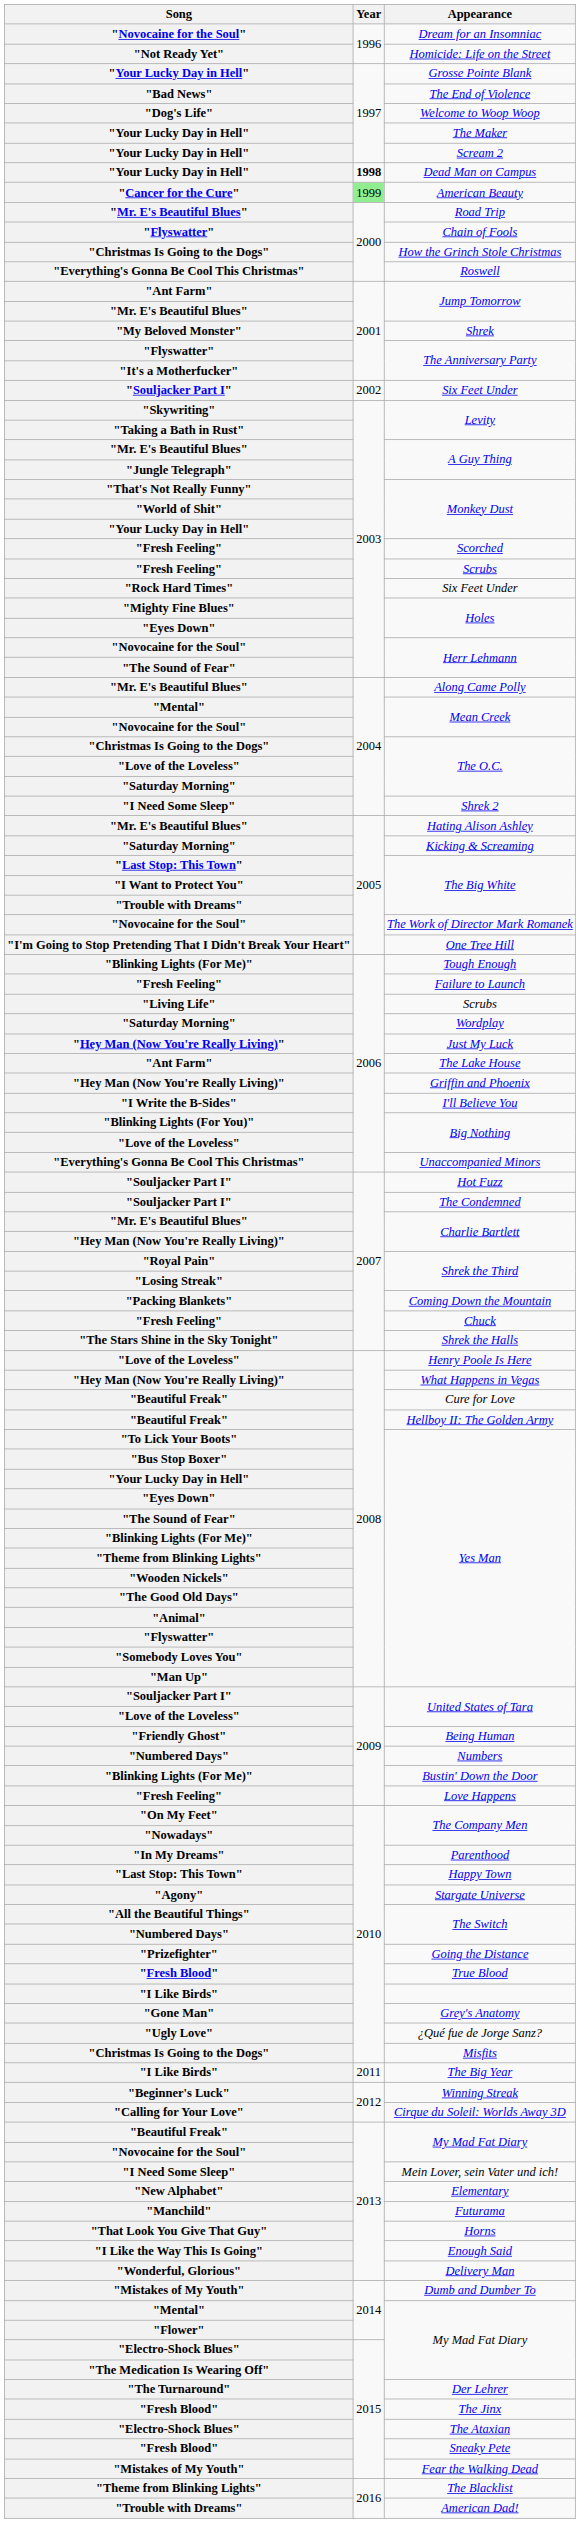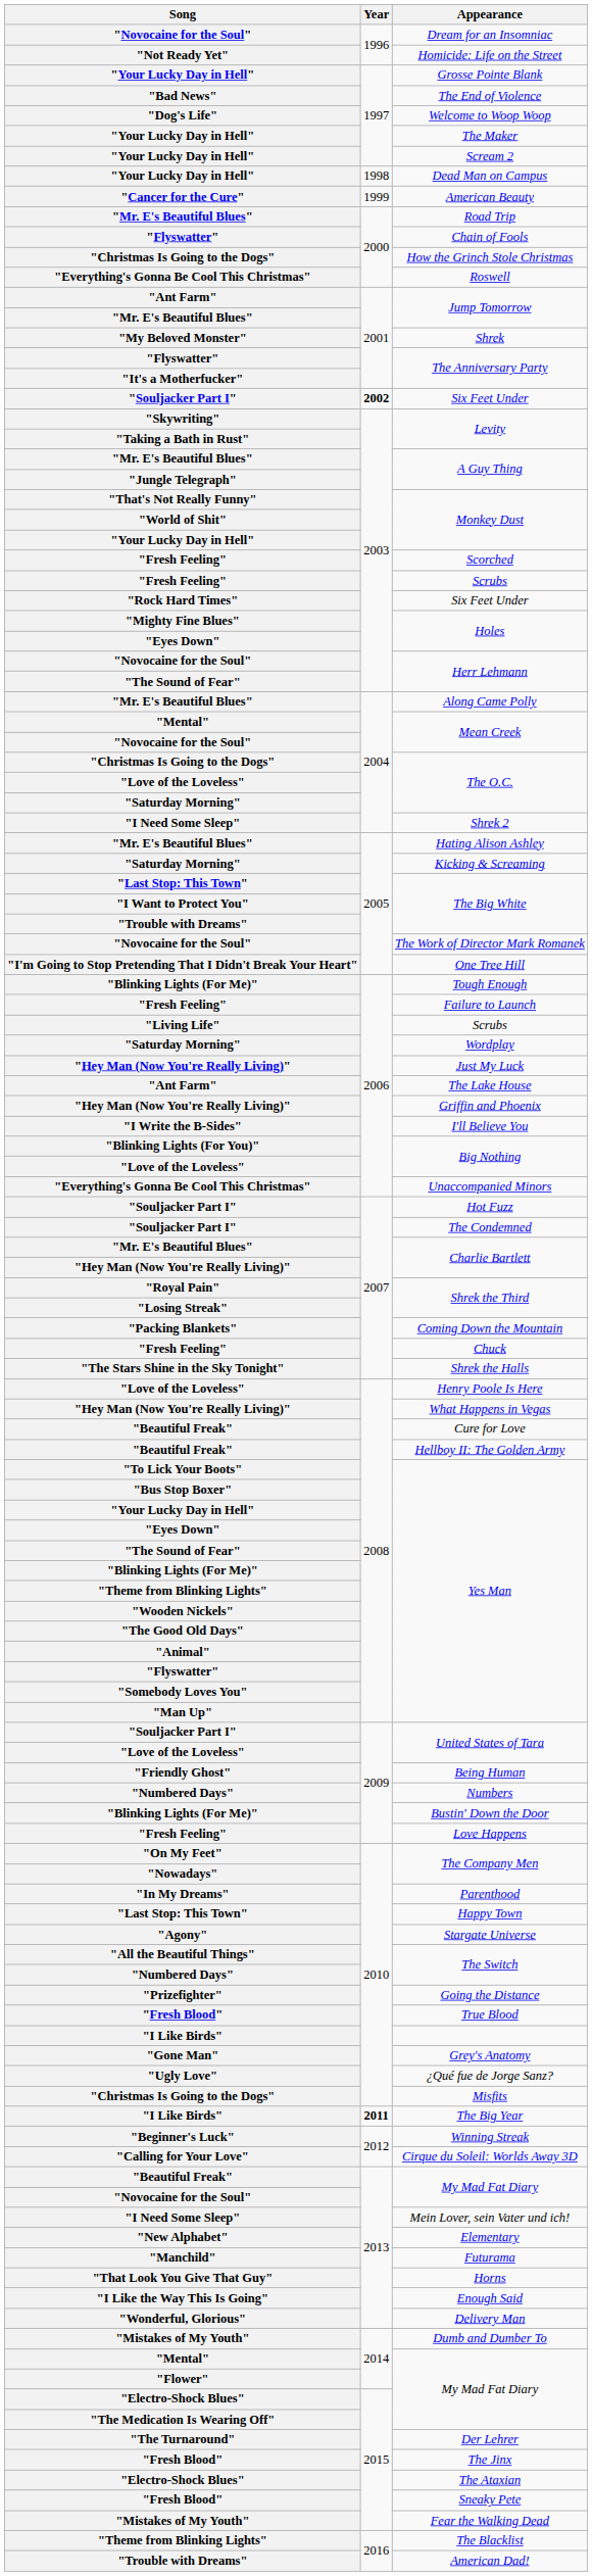 <table class="wikitable sortable plainrowheaders" style="text-align:center">
 <tr>
 <th scope="col">Song</th>
 <th scope="col">Year</th>
 <th scope="col">Appearance</th>
 </tr>
 <tr>
 <th scope="row">"<a href='#'>Novocaine for the Soul</a>"</th>
 <td rowspan="2">1996</td>
 <td><em><a href='#'>Dream for an Insomniac</a></em></td>
 </tr>
 <tr>
 <th scope="row">"Not Ready Yet"</th>
 <td><em><a href='#'>Homicide: Life on the Street</a></em></td>
 </tr>
 <tr>
 <th scope="row">"<a href='#'>Your Lucky Day in Hell</a>"</th>
 <td rowspan="5">1997</td>
 <td><em><a href='#'>Grosse Pointe Blank</a></em></td>
 </tr>
 <tr>
 <th scope="row">"Bad News"</th>
 <td><em><a href='#'>The End of Violence</a></em></td>
 </tr>
 <tr>
 <th scope="row">"Dog's Life"</th>
 <td><em><a href='#'>Welcome to Woop Woop</a></em></td>
 </tr>
 <tr>
 <th scope="row">"Your Lucky Day in Hell"</th>
 <td><em><a href='#'>The Maker</a></em></td>
 </tr>
 <tr>
 <th scope="row">"Your Lucky Day in Hell"</th>
 <td><em><a href='#'>Scream 2</a></em></td>
 </tr>
 <tr>
 <th scope="row">"Your Lucky Day in Hell"</th>
-<td><strong>1998</strong></td>
+<td>1998</td>
 <td><em><a href='#'>Dead Man on Campus</a></em></td>
 </tr>
 <tr>
 <th scope="row">"<a href='#'>Cancer for the Cure</a>"</th>
-<td style="background: lightgreen;">1999</td>
+<td>1999</td>
 <td><em><a href='#'>American Beauty</a></em></td>
 </tr>
 <tr>
 <th scope="row">"<a href='#'>Mr. E's Beautiful Blues</a>"</th>
 <td rowspan="4">2000</td>
 <td><em><a href='#'>Road Trip</a></em></td>
 </tr>
 <tr>
 <th scope="row">"<a href='#'>Flyswatter</a>"</th>
 <td><em><a href='#'>Chain of Fools</a></em></td>
 </tr>
 <tr>
 <th scope="row">"Christmas Is Going to the Dogs"</th>
 <td><em><a href='#'>How the Grinch Stole Christmas</a></em></td>
 </tr>
 <tr>
 <th scope="row">"Everything's Gonna Be Cool This Christmas"</th>
 <td><em><a href='#'>Roswell</a></em></td>
 </tr>
 <tr>
 <th scope="row">"Ant Farm"</th>
 <td rowspan="5">2001</td>
 <td rowspan="2"><em><a href='#'>Jump Tomorrow</a></em></td>
 </tr>
 <tr>
 <th scope="row">"Mr. E's Beautiful Blues"</th>
 </tr>
 <tr>
 <th scope="row">"My Beloved Monster"</th>
 <td><em><a href='#'>Shrek</a></em></td>
 </tr>
 <tr>
 <th scope="row">"Flyswatter"</th>
 <td rowspan="2"><em><a href='#'>The Anniversary Party</a></em></td>
 </tr>
 <tr>
 <th scope="row">"It's a Motherfucker"</th>
 </tr>
 <tr>
 <th scope="row">"<a href='#'>Souljacker Part I</a>"</th>
-<td>2002</td>
+<td><strong>2002</strong></td>
 <td><em><a href='#'>Six Feet Under</a></em></td>
 </tr>
 <tr>
 <th scope="row">"Skywriting"</th>
 <td rowspan="14">2003</td>
 <td rowspan="2"><em><a href='#'>Levity</a></em></td>
 </tr>
 <tr>
 <th scope="row">"Taking a Bath in Rust"</th>
 </tr>
 <tr>
 <th scope="row">"Mr. E's Beautiful Blues"</th>
 <td rowspan="2"><em><a href='#'>A Guy Thing</a></em></td>
 </tr>
 <tr>
 <th scope="row">"Jungle Telegraph"</th>
 </tr>
 <tr>
 <th scope="row">"That's Not Really Funny"</th>
 <td rowspan="3"><em><a href='#'>Monkey Dust</a></em></td>
 </tr>
 <tr>
 <th scope="row">"World of Shit"</th>
 </tr>
 <tr>
 <th scope="row">"Your Lucky Day in Hell"</th>
 </tr>
 <tr>
 <th scope="row">"Fresh Feeling"</th>
 <td><em><a href='#'>Scorched</a></em></td>
 </tr>
 <tr>
 <th scope="row">"Fresh Feeling"</th>
 <td><em><a href='#'>Scrubs</a></em></td>
 </tr>
 <tr>
 <th scope="row">"Rock Hard Times"</th>
 <td><em>Six Feet Under</em></td>
 </tr>
 <tr>
 <th scope="row">"Mighty Fine Blues"</th>
 <td rowspan="2"><em><a href='#'>Holes</a></em></td>
 </tr>
 <tr>
 <th scope="row">"Eyes Down"</th>
 </tr>
 <tr>
 <th scope="row">"Novocaine for the Soul"</th>
 <td rowspan="2"><em><a href='#'>Herr Lehmann</a></em></td>
 </tr>
 <tr>
 <th scope="row">"The Sound of Fear"</th>
 </tr>
 <tr>
 <th scope="row">"Mr. E's Beautiful Blues"</th>
 <td rowspan="7">2004</td>
 <td><em><a href='#'>Along Came Polly</a></em></td>
 </tr>
 <tr>
 <th scope="row">"Mental"</th>
 <td rowspan="2"><em><a href='#'>Mean Creek</a></em></td>
 </tr>
 <tr>
 <th scope="row">"Novocaine for the Soul"</th>
 </tr>
 <tr>
 <th scope="row">"Christmas Is Going to the Dogs"</th>
 <td rowspan="3"><em><a href='#'>The O.C.</a></em></td>
 </tr>
 <tr>
 <th scope="row">"Love of the Loveless"</th>
 </tr>
 <tr>
 <th scope="row">"Saturday Morning"</th>
 </tr>
 <tr>
 <th scope="row">"I Need Some Sleep"</th>
 <td><em><a href='#'>Shrek 2</a></em></td>
 </tr>
 <tr>
 <th scope="row">"Mr. E's Beautiful Blues"</th>
 <td rowspan="7">2005</td>
 <td><em><a href='#'>Hating Alison Ashley</a></em></td>
 </tr>
 <tr>
 <th scope="row">"Saturday Morning"</th>
 <td><em><a href='#'>Kicking & Screaming</a></em></td>
 </tr>
 <tr>
 <th scope="row">"<a href='#'>Last Stop: This Town</a>"</th>
 <td rowspan="3"><em><a href='#'>The Big White</a></em></td>
 </tr>
 <tr>
 <th scope="row">"I Want to Protect You"</th>
 </tr>
 <tr>
 <th scope="row">"Trouble with Dreams"</th>
 </tr>
 <tr>
 <th scope="row">"Novocaine for the Soul"</th>
 <td><em><a href='#'>The Work of Director Mark Romanek</a></em></td>
 </tr>
 <tr>
 <th scope="row">"I'm Going to Stop Pretending That I Didn't Break Your Heart"</th>
 <td><em><a href='#'>One Tree Hill</a></em></td>
 </tr>
 <tr>
 <th scope="row">"Blinking Lights (For Me)"</th>
 <td rowspan="11">2006</td>
 <td><em><a href='#'>Tough Enough</a></em></td>
 </tr>
 <tr>
 <th scope="row">"Fresh Feeling"</th>
 <td><em><a href='#'>Failure to Launch</a></em></td>
 </tr>
 <tr>
 <th scope="row">"Living Life"</th>
 <td><em>Scrubs</em></td>
 </tr>
 <tr>
 <th scope="row">"Saturday Morning"</th>
 <td><em><a href='#'>Wordplay</a></em></td>
 </tr>
 <tr>
 <th scope="row">"<a href='#'>Hey Man (Now You're Really Living)</a>"</th>
 <td><em><a href='#'>Just My Luck</a></em></td>
 </tr>
 <tr>
 <th scope="row">"Ant Farm"</th>
 <td><em><a href='#'>The Lake House</a></em></td>
 </tr>
 <tr>
 <th scope="row">"Hey Man (Now You're Really Living)"</th>
 <td><em><a href='#'>Griffin and Phoenix</a></em></td>
 </tr>
 <tr>
 <th scope="row">"I Write the B-Sides"</th>
 <td><em><a href='#'>I'll Believe You</a></em></td>
 </tr>
 <tr>
 <th scope="row">"Blinking Lights (For You)"</th>
 <td rowspan="2"><em><a href='#'>Big Nothing</a></em></td>
 </tr>
 <tr>
 <th scope="row">"Love of the Loveless"</th>
 </tr>
 <tr>
 <th scope="row">"Everything's Gonna Be Cool This Christmas"</th>
 <td><em><a href='#'>Unaccompanied Minors</a></em></td>
 </tr>
 <tr>
 <th scope="row">"Souljacker Part I"</th>
 <td rowspan="9">2007</td>
 <td><em><a href='#'>Hot Fuzz</a></em></td>
 </tr>
 <tr>
 <th scope="row">"Souljacker Part I"</th>
 <td><em><a href='#'>The Condemned</a></em></td>
 </tr>
 <tr>
 <th scope="row">"Mr. E's Beautiful Blues"</th>
 <td rowspan="2"><em><a href='#'>Charlie Bartlett</a></em></td>
 </tr>
 <tr>
 <th scope="row">"Hey Man (Now You're Really Living)"</th>
 </tr>
 <tr>
 <th scope="row">"Royal Pain"</th>
 <td rowspan="2"><em><a href='#'>Shrek the Third</a></em></td>
 </tr>
 <tr>
 <th scope="row">"Losing Streak"</th>
 </tr>
 <tr>
 <th scope="row">"Packing Blankets"</th>
 <td><em><a href='#'>Coming Down the Mountain</a></em></td>
 </tr>
 <tr>
 <th scope="row">"Fresh Feeling"</th>
 <td><em><a href='#'>Chuck</a></em></td>
 </tr>
 <tr>
 <th scope="row">"The Stars Shine in the Sky Tonight"</th>
 <td><em><a href='#'>Shrek the Halls</a></em></td>
 </tr>
 <tr>
 <th scope="row">"Love of the Loveless"</th>
 <td rowspan="17">2008</td>
 <td><em><a href='#'>Henry Poole Is Here</a></em></td>
 </tr>
 <tr>
 <th scope="row">"Hey Man (Now You're Really Living)"</th>
 <td><em><a href='#'>What Happens in Vegas</a></em></td>
 </tr>
 <tr>
 <th scope="row">"Beautiful Freak"</th>
 <td><em>Cure for Love</em></td>
 </tr>
 <tr>
 <th scope="row">"Beautiful Freak"</th>
 <td><em><a href='#'>Hellboy II: The Golden Army</a></em></td>
 </tr>
 <tr>
 <th scope="row">"To Lick Your Boots"</th>
 <td rowspan="13"><em><a href='#'>Yes Man</a></em></td>
 </tr>
 <tr>
 <th scope="row">"Bus Stop Boxer"</th>
 </tr>
 <tr>
 <th scope="row">"Your Lucky Day in Hell"</th>
 </tr>
 <tr>
 <th scope="row">"Eyes Down"</th>
 </tr>
 <tr>
 <th scope="row">"The Sound of Fear"</th>
 </tr>
 <tr>
 <th scope="row">"Blinking Lights (For Me)"</th>
 </tr>
 <tr>
 <th scope="row">"Theme from Blinking Lights"</th>
 </tr>
 <tr>
 <th scope="row">"Wooden Nickels"</th>
 </tr>
 <tr>
 <th scope="row">"The Good Old Days"</th>
 </tr>
 <tr>
 <th scope="row">"Animal"</th>
 </tr>
 <tr>
 <th scope="row">"Flyswatter"</th>
 </tr>
 <tr>
 <th scope="row">"Somebody Loves You"</th>
 </tr>
 <tr>
 <th scope="row">"Man Up"</th>
 </tr>
 <tr>
 <th scope="row">"Souljacker Part I"</th>
 <td rowspan="6">2009</td>
 <td rowspan="2"><em><a href='#'>United States of Tara</a></em></td>
 </tr>
 <tr>
 <th scope="row">"Love of the Loveless"</th>
 </tr>
 <tr>
 <th scope="row">"Friendly Ghost"</th>
 <td><em><a href='#'>Being Human</a></em></td>
 </tr>
 <tr>
 <th scope="row">"Numbered Days"</th>
 <td><em><a href='#'>Numbers</a></em></td>
 </tr>
 <tr>
 <th scope="row">"Blinking Lights (For Me)"</th>
 <td><em><a href='#'>Bustin' Down the Door</a></em></td>
 </tr>
 <tr>
 <th scope="row">"Fresh Feeling"</th>
 <td><em><a href='#'>Love Happens</a></em></td>
 </tr>
 <tr>
 <th scope="row">"On My Feet"</th>
 <td rowspan="13">2010</td>
 <td rowspan="2"><em><a href='#'>The Company Men</a></em></td>
 </tr>
 <tr>
 <th scope="row">"Nowadays"</th>
 </tr>
 <tr>
 <th scope="row">"In My Dreams"</th>
 <td><em><a href='#'>Parenthood</a></em></td>
 </tr>
 <tr>
 <th scope="row">"Last Stop: This Town"</th>
 <td><em><a href='#'>Happy Town</a></em></td>
 </tr>
 <tr>
 <th scope="row">"Agony"</th>
 <td><em><a href='#'>Stargate Universe</a></em></td>
 </tr>
 <tr>
 <th scope="row">"All the Beautiful Things"</th>
 <td rowspan="2"><em><a href='#'>The Switch</a></em></td>
 </tr>
 <tr>
 <th scope="row">"Numbered Days"</th>
 </tr>
 <tr>
 <th scope="row">"Prizefighter"</th>
 <td><em><a href='#'>Going the Distance</a></em></td>
 </tr>
 <tr>
 <th scope="row">"<a href='#'>Fresh Blood</a>"</th>
 <td><em><a href='#'>True Blood</a></em></td>
 </tr>
 <tr>
 <th scope="row">"I Like Birds"</th>
 <td><em></em></td>
 </tr>
 <tr>
 <th scope="row">"Gone Man"</th>
 <td><em><a href='#'>Grey's Anatomy</a></em></td>
 </tr>
 <tr>
 <th scope="row">"Ugly Love"</th>
 <td><em>¿Qué fue de Jorge Sanz?</em></td>
 </tr>
 <tr>
 <th scope="row">"Christmas Is Going to the Dogs"</th>
 <td><em><a href='#'>Misfits</a></em></td>
 </tr>
 <tr>
 <th scope="row">"I Like Birds"</th>
-<td>2011</td>
+<td><strong>2011</strong></td>
 <td><em><a href='#'>The Big Year</a></em></td>
 </tr>
 <tr>
 <th scope="row">"Beginner's Luck"</th>
 <td rowspan="2">2012</td>
 <td><em><a href='#'>Winning Streak</a></em></td>
 </tr>
 <tr>
 <th scope="row">"Calling for Your Love"</th>
 <td><em><a href='#'>Cirque du Soleil: Worlds Away 3D</a></em></td>
 </tr>
 <tr>
 <th scope="row">"Beautiful Freak"</th>
 <td rowspan="8">2013</td>
 <td rowspan="2"><em><a href='#'>My Mad Fat Diary</a></em></td>
 </tr>
 <tr>
 <th scope="row">"Novocaine for the Soul"</th>
 </tr>
 <tr>
 <th scope="row">"I Need Some Sleep"</th>
 <td><em>Mein Lover, sein Vater und ich!</em></td>
 </tr>
 <tr>
 <th scope="row">"New Alphabet"</th>
 <td><em><a href='#'>Elementary</a></em></td>
 </tr>
 <tr>
 <th scope="row">"Manchild"</th>
 <td><em><a href='#'>Futurama</a></em></td>
 </tr>
 <tr>
 <th scope="row">"That Look You Give That Guy"</th>
 <td><em><a href='#'>Horns</a></em></td>
 </tr>
 <tr>
 <th scope="row">"I Like the Way This Is Going"</th>
 <td><em><a href='#'>Enough Said</a></em></td>
 </tr>
 <tr>
 <th scope="row">"Wonderful, Glorious"</th>
 <td><em><a href='#'>Delivery Man</a></em></td>
 </tr>
 <tr>
 <th scope="row">"Mistakes of My Youth"</th>
 <td rowspan="3">2014</td>
 <td><em><a href='#'>Dumb and Dumber To</a></em></td>
 </tr>
 <tr>
 <th scope="row">"Mental"</th>
 <td rowspan="4"><em>My Mad Fat Diary</em></td>
 </tr>
 <tr>
 <th scope="row">"Flower"</th>
 </tr>
 <tr>
 <th scope="row">"Electro-Shock Blues"</th>
 <td rowspan="7">2015</td>
 </tr>
 <tr>
 <th scope="row">"The Medication Is Wearing Off"</th>
 </tr>
 <tr>
 <th scope="row">"The Turnaround"</th>
 <td><em><a href='#'>Der Lehrer</a></em></td>
 </tr>
 <tr>
 <th scope="row">"Fresh Blood"</th>
 <td><em><a href='#'>The Jinx</a></em></td>
 </tr>
 <tr>
 <th scope="row">"Electro-Shock Blues"</th>
 <td><em><a href='#'>The Ataxian</a></em></td>
 </tr>
 <tr>
 <th scope="row">"Fresh Blood"</th>
 <td><em><a href='#'>Sneaky Pete</a></em></td>
 </tr>
 <tr>
 <th scope="row">"Mistakes of My Youth"</th>
 <td><em><a href='#'>Fear the Walking Dead</a></em></td>
 </tr>
 <tr>
 <th scope="row">"Theme from Blinking Lights"</th>
 <td rowspan="2">2016</td>
 <td><em><a href='#'>The Blacklist</a></em></td>
 </tr>
 <tr>
 <th scope="row">"Trouble with Dreams"</th>
 <td><em><a href='#'>American Dad!</a></em></td>
 </tr>
 </table>
